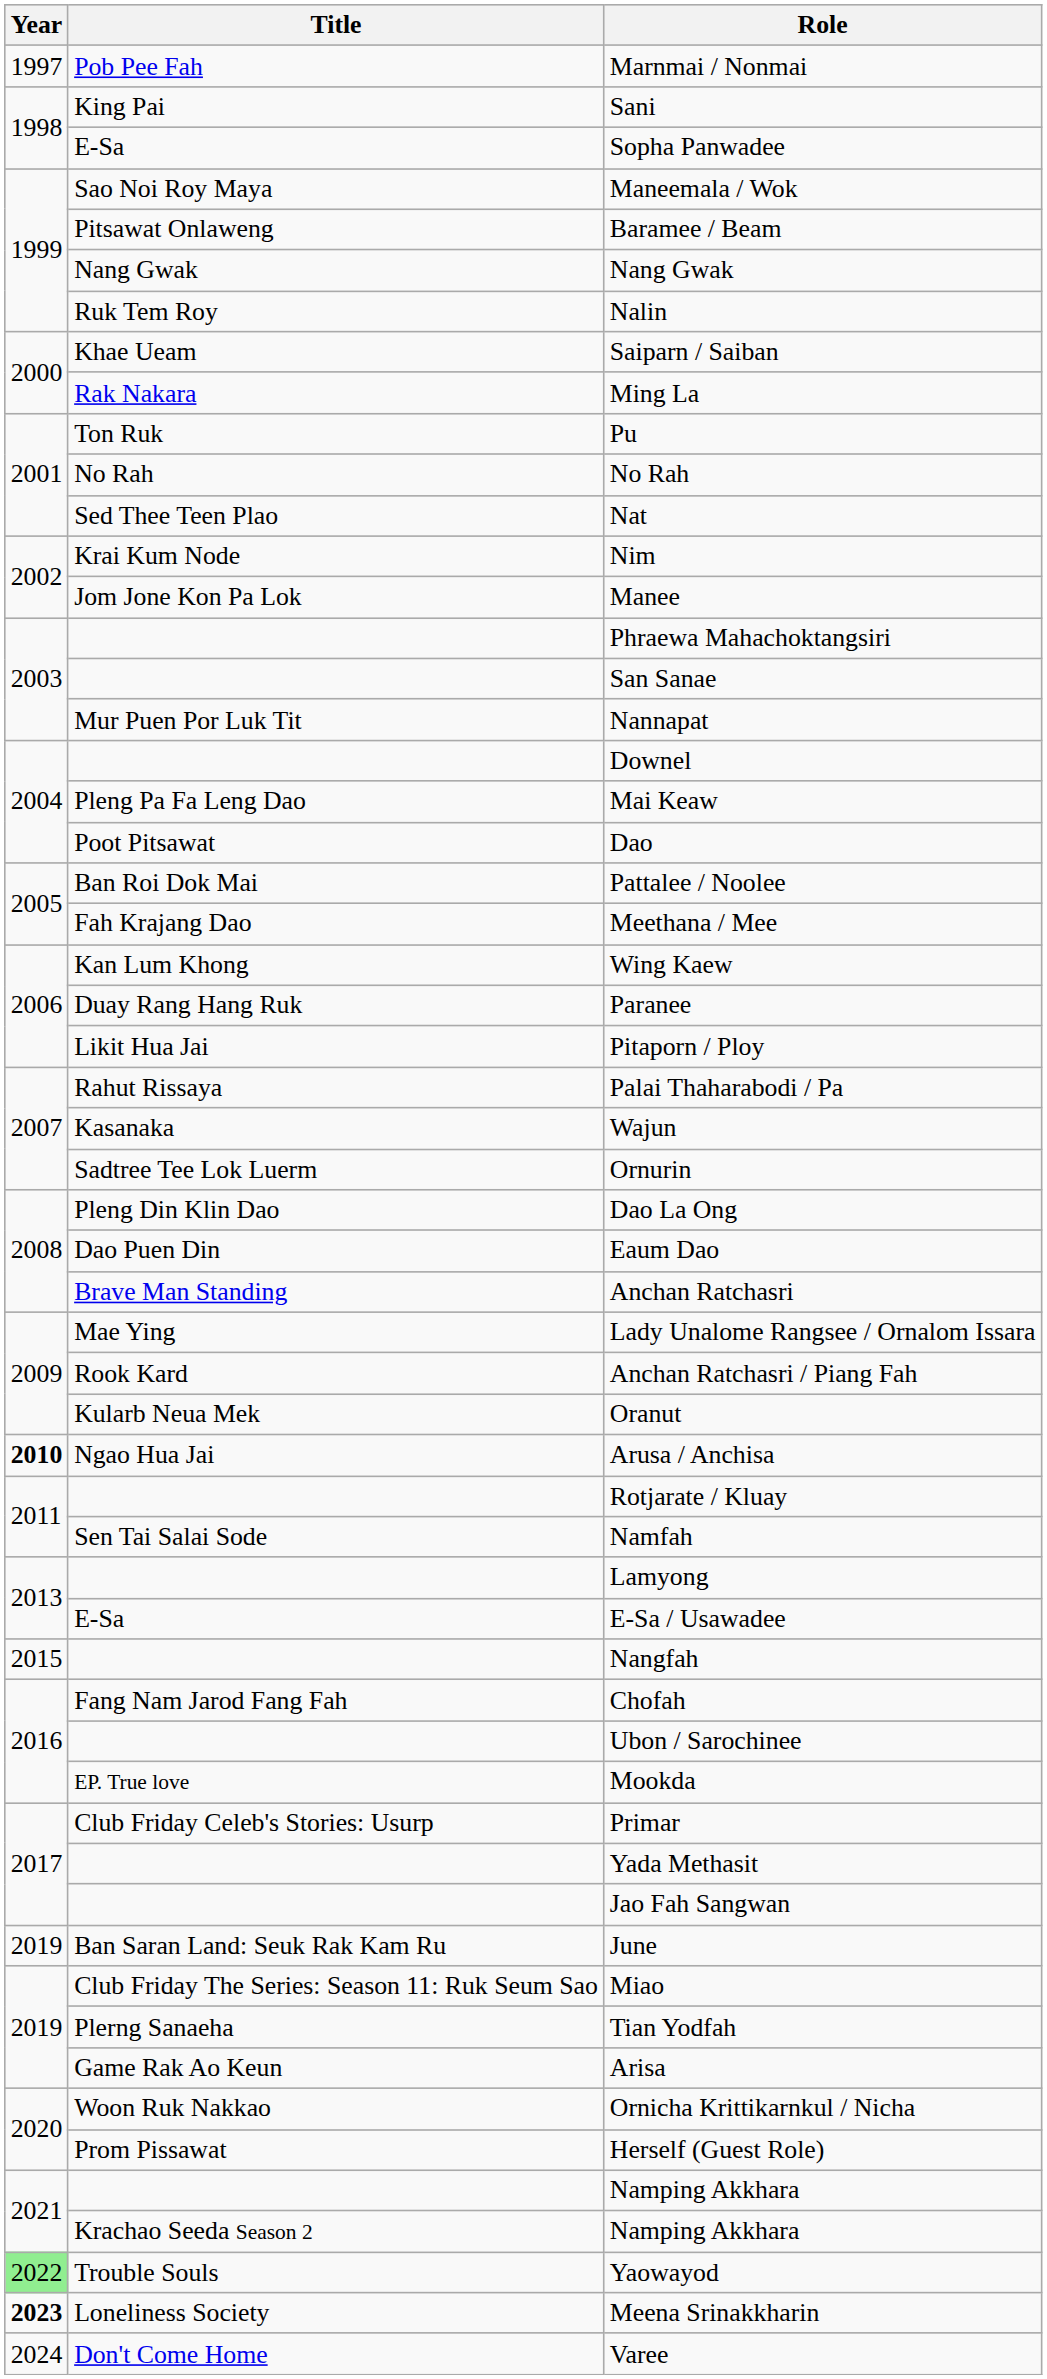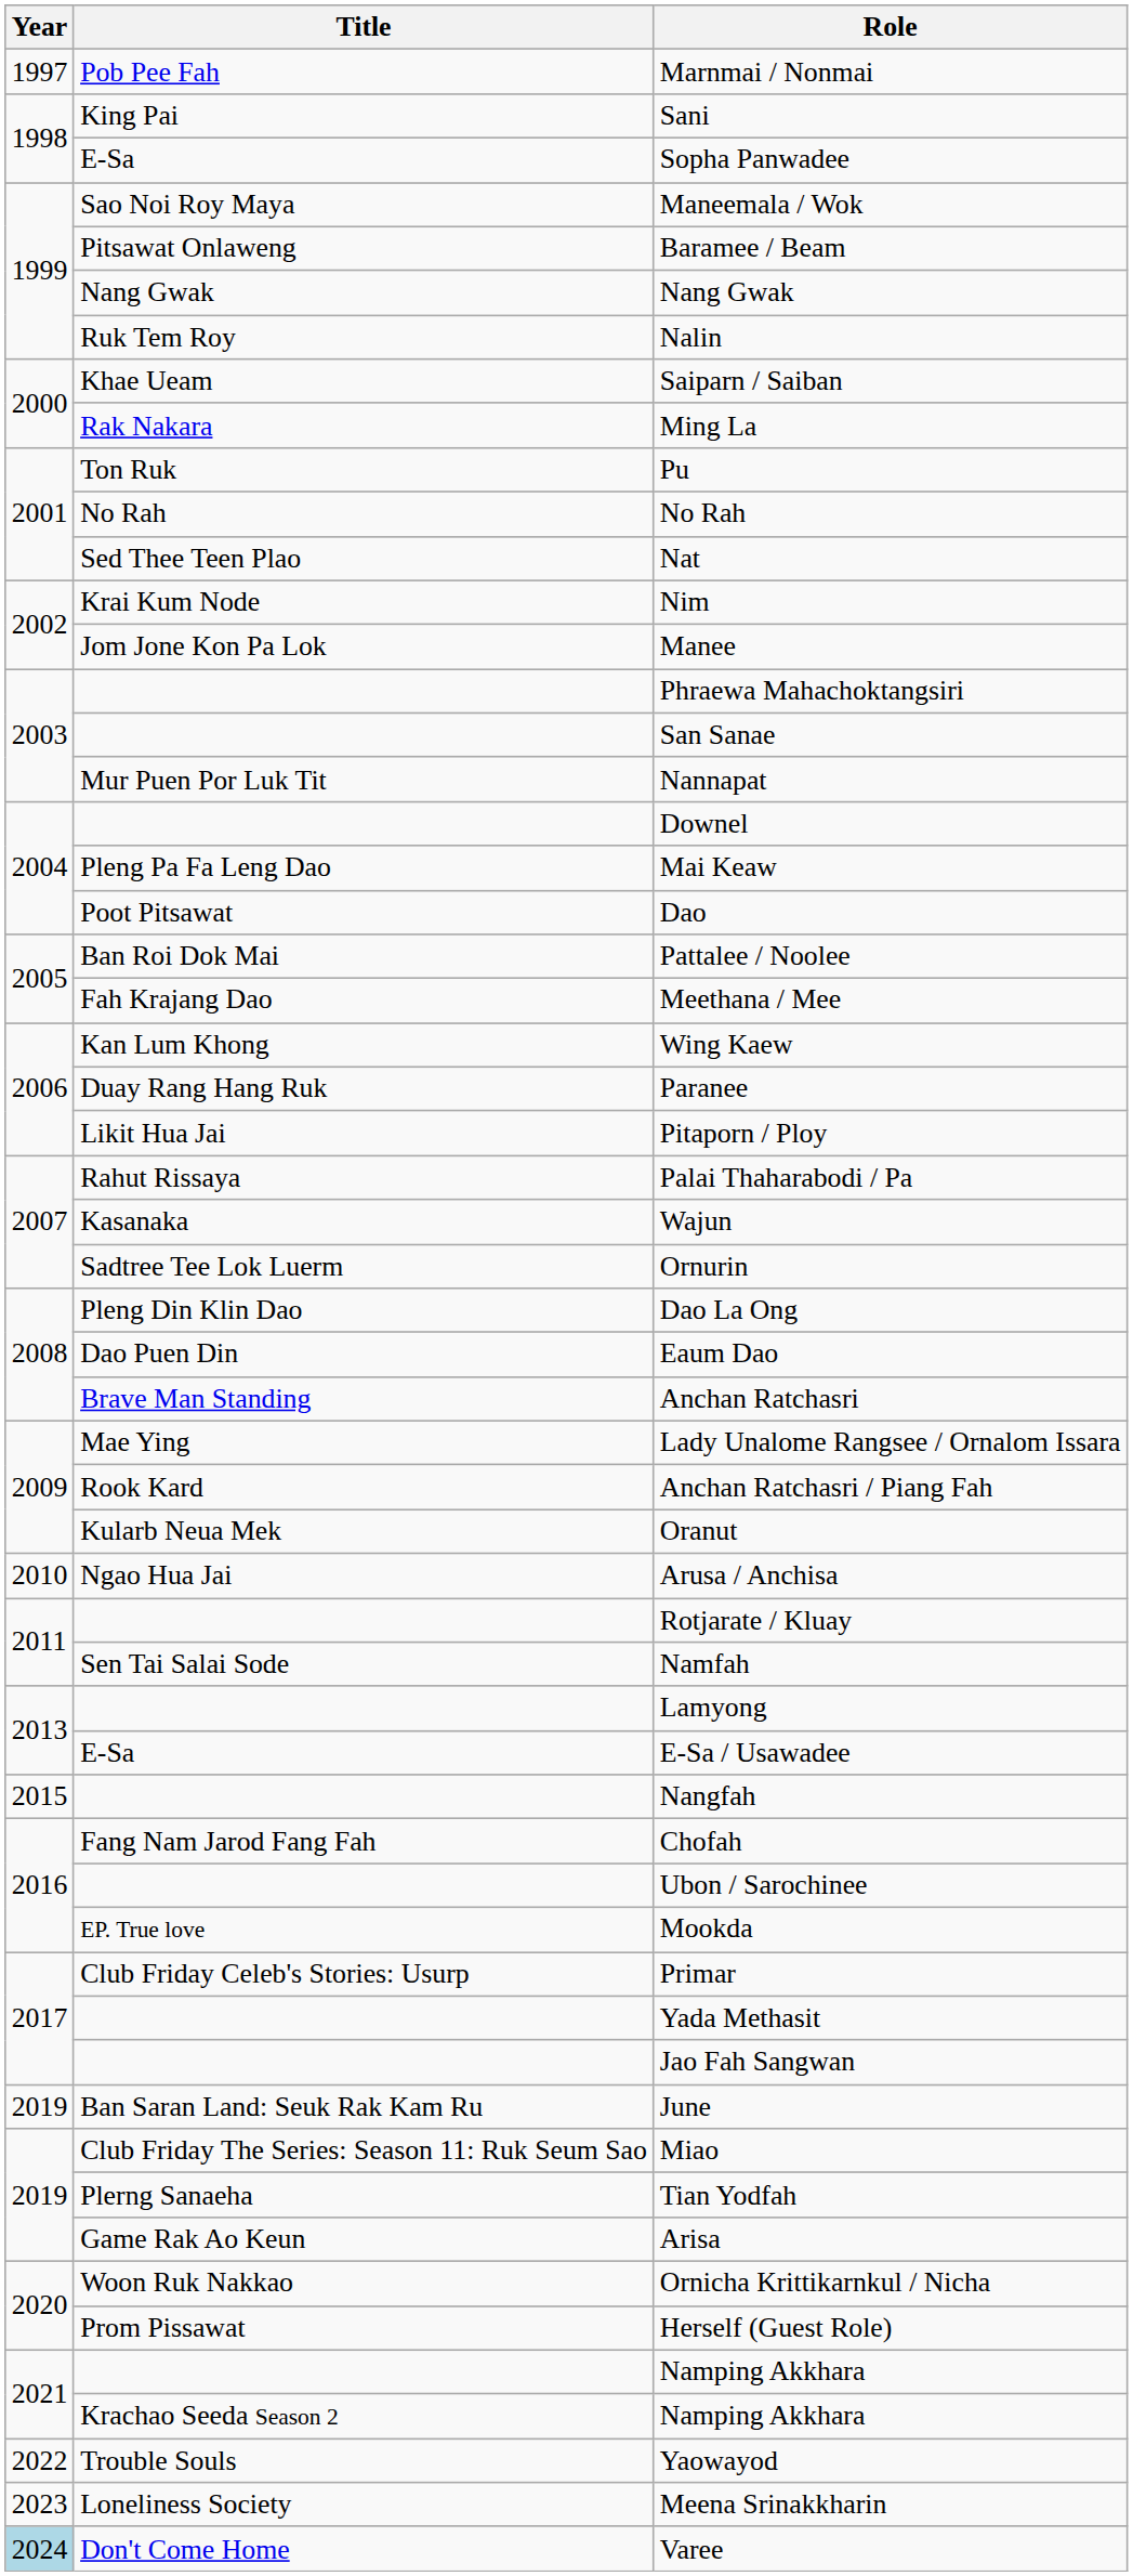 <table class="wikitable">
 <tr>
 <th>Year</th>
 <th>Title</th>
 <th>Role</th>
 </tr>
 <tr>
 <td>1997</td>
 <td><a href='#'>Pob Pee Fah</a></td>
 <td>Marnmai / Nonmai</td>
 </tr>
 <tr>
 <td rowspan="2">1998</td>
 <td>King Pai</td>
 <td>Sani</td>
 </tr>
 <tr>
 <td>E-Sa</td>
 <td>Sopha Panwadee</td>
 </tr>
 <tr>
 <td rowspan="4">1999</td>
 <td>Sao Noi Roy Maya</td>
 <td>Maneemala / Wok</td>
 </tr>
 <tr>
 <td>Pitsawat Onlaweng</td>
 <td>Baramee / Beam</td>
 </tr>
 <tr>
 <td>Nang Gwak</td>
 <td>Nang Gwak</td>
 </tr>
 <tr>
 <td>Ruk Tem Roy</td>
 <td>Nalin</td>
 </tr>
 <tr>
 <td rowspan="2">2000</td>
 <td>Khae Ueam</td>
 <td>Saiparn / Saiban</td>
 </tr>
 <tr>
 <td><a href='#'>Rak Nakara</a></td>
 <td>Ming La</td>
 </tr>
 <tr>
 <td rowspan="3">2001</td>
 <td>Ton Ruk</td>
 <td>Pu</td>
 </tr>
 <tr>
 <td>No Rah</td>
 <td>No Rah</td>
 </tr>
 <tr>
 <td>Sed Thee Teen Plao</td>
 <td>Nat</td>
 </tr>
 <tr>
 <td rowspan="2">2002</td>
 <td>Krai Kum Node</td>
 <td>Nim</td>
 </tr>
 <tr>
 <td>Jom Jone Kon Pa Lok</td>
 <td>Manee</td>
 </tr>
 <tr>
 <td rowspan="3">2003</td>
 <td></td>
 <td>Phraewa Mahachoktangsiri</td>
 </tr>
 <tr>
 <td></td>
 <td>San Sanae</td>
 </tr>
 <tr>
 <td>Mur Puen Por Luk Tit</td>
 <td>Nannapat</td>
 </tr>
 <tr>
 <td rowspan="3">2004</td>
 <td></td>
 <td>Downel</td>
 </tr>
 <tr>
 <td>Pleng Pa Fa Leng Dao</td>
 <td>Mai Keaw</td>
 </tr>
 <tr>
 <td>Poot Pitsawat</td>
 <td>Dao</td>
 </tr>
 <tr>
 <td rowspan="2">2005</td>
 <td>Ban Roi Dok Mai</td>
 <td>Pattalee / Noolee</td>
 </tr>
 <tr>
 <td>Fah Krajang Dao</td>
 <td>Meethana / Mee</td>
 </tr>
 <tr>
 <td rowspan="3">2006</td>
 <td>Kan Lum Khong</td>
 <td>Wing Kaew</td>
 </tr>
 <tr>
 <td>Duay Rang Hang Ruk</td>
 <td>Paranee</td>
 </tr>
 <tr>
 <td>Likit Hua Jai</td>
 <td>Pitaporn / Ploy</td>
 </tr>
 <tr>
 <td rowspan="3">2007</td>
 <td>Rahut Rissaya</td>
 <td>Palai Thaharabodi / Pa</td>
 </tr>
 <tr>
 <td>Kasanaka</td>
 <td>Wajun</td>
 </tr>
 <tr>
 <td>Sadtree Tee Lok Luerm</td>
 <td>Ornurin</td>
 </tr>
 <tr>
 <td rowspan="3">2008</td>
 <td>Pleng Din Klin Dao</td>
 <td>Dao La Ong</td>
 </tr>
 <tr>
 <td>Dao Puen Din</td>
 <td>Eaum Dao</td>
 </tr>
 <tr>
 <td><a href='#'>Brave Man Standing</a></td>
 <td>Anchan Ratchasri</td>
 </tr>
 <tr>
 <td rowspan="3">2009</td>
 <td>Mae Ying</td>
 <td>Lady Unalome Rangsee / Ornalom Issara</td>
 </tr>
 <tr>
 <td>Rook Kard</td>
 <td>Anchan Ratchasri / Piang Fah</td>
 </tr>
 <tr>
 <td>Kularb Neua Mek</td>
 <td>Oranut</td>
 </tr>
 <tr>
-<td><strong>2010</strong></td>
+<td>2010</td>
 <td>Ngao Hua Jai</td>
 <td>Arusa / Anchisa</td>
 </tr>
 <tr>
 <td rowspan="2">2011</td>
 <td></td>
 <td>Rotjarate / Kluay</td>
 </tr>
 <tr>
 <td>Sen Tai Salai Sode</td>
 <td>Namfah</td>
 </tr>
 <tr>
 <td rowspan="2">2013</td>
 <td></td>
 <td>Lamyong</td>
 </tr>
 <tr>
 <td>E-Sa</td>
 <td>E-Sa / Usawadee</td>
 </tr>
 <tr>
 <td>2015</td>
 <td></td>
 <td>Nangfah</td>
 </tr>
 <tr>
 <td rowspan="3">2016</td>
 <td>Fang Nam Jarod Fang Fah</td>
 <td>Chofah</td>
 </tr>
 <tr>
 <td></td>
 <td>Ubon / Sarochinee</td>
 </tr>
 <tr>
 <td> <small>EP. True love</small></td>
 <td>Mookda</td>
 </tr>
 <tr>
 <td rowspan="3">2017</td>
 <td>Club Friday Celeb's Stories: Usurp</td>
 <td>Primar</td>
 </tr>
 <tr>
 <td></td>
 <td>Yada Methasit</td>
 </tr>
 <tr>
 <td></td>
 <td>Jao Fah Sangwan</td>
 </tr>
 <tr>
 <td>2019</td>
 <td>Ban Saran Land: Seuk Rak Kam Ru</td>
 <td>June</td>
 </tr>
 <tr>
 <td rowspan="3">2019</td>
 <td>Club Friday The Series: Season 11: Ruk Seum Sao</td>
 <td>Miao</td>
 </tr>
 <tr>
 <td>Plerng Sanaeha</td>
 <td>Tian Yodfah</td>
 </tr>
 <tr>
 <td>Game Rak Ao Keun</td>
 <td>Arisa</td>
 </tr>
 <tr>
 <td rowspan="2">2020</td>
 <td>Woon Ruk Nakkao</td>
 <td>Ornicha Krittikarnkul / Nicha</td>
 </tr>
 <tr>
 <td>Prom Pissawat</td>
 <td>Herself (Guest Role)</td>
 </tr>
 <tr>
 <td rowspan="2">2021</td>
 <td></td>
 <td>Namping Akkhara</td>
 </tr>
 <tr>
 <td>Krachao Seeda <small>Season 2</small></td>
 <td>Namping Akkhara</td>
 </tr>
 <tr>
-<td style="background: lightgreen;">2022</td>
+<td>2022</td>
 <td>Trouble Souls</td>
 <td>Yaowayod</td>
 </tr>
 <tr>
-<td><strong>2023</strong></td>
+<td>2023</td>
 <td>Loneliness Society</td>
 <td>Meena Srinakkharin</td>
 </tr>
 <tr>
-<td>2024</td>
+<td style="background: lightblue;">2024</td>
 <td><a href='#'>Don't Come Home</a></td>
 <td>Varee</td>
 </tr>
 </table>
